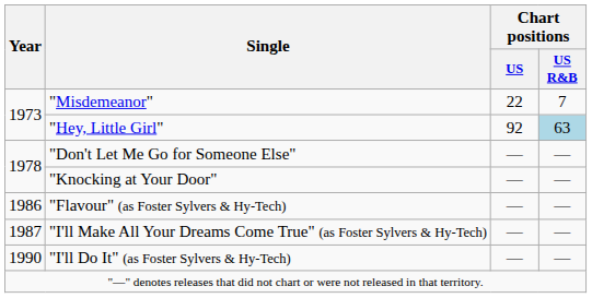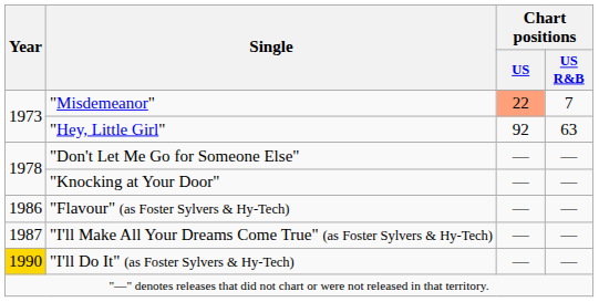 <table class="wikitable" style="text-align:center;">
 <tr>
 <th rowspan="2">Year</th>
 <th rowspan="2">Single</th>
 <th colspan="2">Chart positions</th>
 </tr>
 <tr style="font-size:smaller;">
 <th width="40"><a href='#'>US</a><br></th>
 <th width="40"><a href='#'>US<br>R&B</a><br></th>
 </tr>
 <tr>
 <td rowspan="2">1973</td>
 <td align="left">"<a href='#'>Misdemeanor</a>"</td>
-<td>22</td>
+<td style="background: lightsalmon;">22</td>
 <td>7</td>
 </tr>
 <tr>
 <td align="left">"<a href='#'>Hey, Little Girl</a>"</td>
 <td>92</td>
-<td style="background: lightblue;">63</td>
+<td>63</td>
 </tr>
 <tr>
 <td rowspan="2">1978</td>
 <td align="left">"Don't Let Me Go for Someone Else"</td>
 <td>—</td>
 <td>—</td>
 </tr>
 <tr>
 <td align="left">"Knocking at Your Door"</td>
 <td>—</td>
 <td>—</td>
 </tr>
 <tr>
 <td rowspan="1">1986</td>
 <td align="left">"Flavour" <small>(as Foster Sylvers & Hy-Tech)</small></td>
 <td>—</td>
 <td>—</td>
 </tr>
 <tr>
 <td rowspan="1">1987</td>
 <td align="left">"I'll Make All Your Dreams Come True" <small>(as Foster Sylvers & Hy-Tech)</small></td>
 <td>—</td>
 <td>—</td>
 </tr>
 <tr>
-<td rowspan="1">1990</td>
+<td rowspan="1" style="background: gold;">1990</td>
 <td align="left">"I'll Do It" <small>(as Foster Sylvers & Hy-Tech)</small></td>
 <td>—</td>
 <td>—</td>
 </tr>
 <tr>
 <td colspan="6" style="text-align:center; font-size:9pt;">"—" denotes releases that did not chart or were not released in that territory.</td>
 </tr>
 </table>
